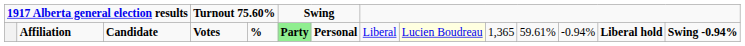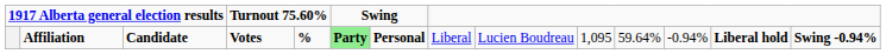 <table class="wikitable">
 <tr>
 <td colspan="3" align=center><strong><a href='#'>1917 Alberta general election</a> results</strong></td>
 <td colspan="2"><strong>Turnout 75.60%</strong></td>
 <td colspan="2" align=center><strong>Swing</strong></td>
 </tr>
 <tr>
 <th style="width: 10px;"></th>
 <td><strong>Affiliation</strong></td>
 <td><strong>Candidate</strong></td>
 <td><strong>Votes</strong></td>
 <td><strong>%</strong></td>
 <td style="background: lightgreen;"><strong>Party</strong></td>
 <td><strong>Personal</strong><br></td>
 <td><a href='#'>Liberal</a></td>
-<td style="background: lightyellow;"><a href='#'>Lucien Boudreau</a></td>
-<td>1,365</td>
-<td>59.61%</td>
+<td><a href='#'>Lucien Boudreau</a></td>
+<td>1,095</td>
+<td>59.64%</td>
 <td colspan=2 align=center>-0.94%<br>    </td>
 <td colspan=4><strong>Liberal hold</strong></td>
 <td colspan=2><strong>Swing -0.94%</strong></td>
 </tr>
 </table>
